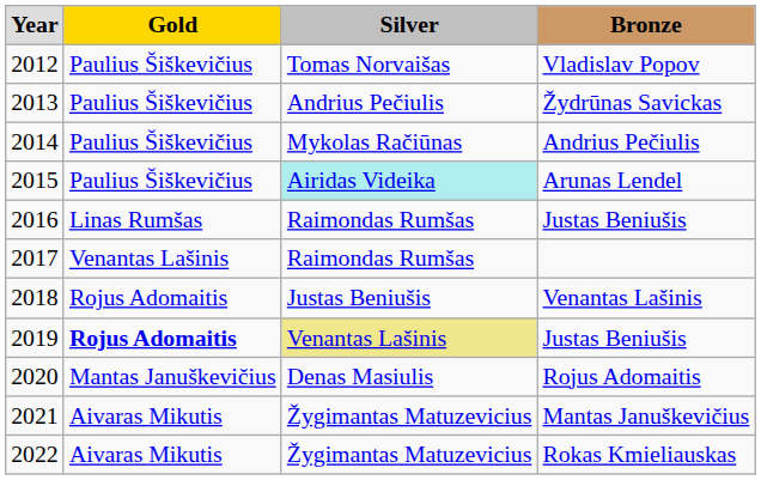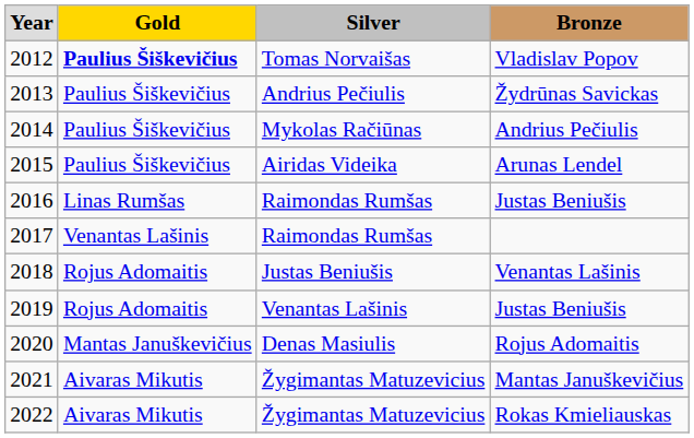 <table class="wikitable sortable alternance" style="font-size:95%">
 <tr style="text-align:center; background:#e4e4e4; font-weight:bold;">
 <td style="background:#ddd; ">Year</td>
 <td style="background:gold; ">Gold</td>
 <td style="background:silver; ">Silver</td>
 <td style="background:#c96; ">Bronze</td>
 </tr>
 <tr>
 <td>2012</td>
-<td><a href='#'>Paulius Šiškevičius</a></td>
+<td><strong><a href='#'>Paulius Šiškevičius</a></strong></td>
 <td><a href='#'>Tomas Norvaišas</a></td>
 <td><a href='#'>Vladislav Popov</a></td>
 </tr>
 <tr>
 <td>2013</td>
 <td><a href='#'>Paulius Šiškevičius</a></td>
 <td><a href='#'>Andrius Pečiulis</a></td>
 <td><a href='#'>Žydrūnas Savickas</a></td>
 </tr>
 <tr>
 <td>2014</td>
 <td><a href='#'>Paulius Šiškevičius</a></td>
 <td><a href='#'>Mykolas Račiūnas</a></td>
 <td><a href='#'>Andrius Pečiulis</a></td>
 </tr>
 <tr>
 <td>2015</td>
 <td><a href='#'>Paulius Šiškevičius</a></td>
-<td style="background: paleturquoise;"><a href='#'>Airidas Videika</a></td>
+<td><a href='#'>Airidas Videika</a></td>
 <td><a href='#'>Arunas Lendel</a></td>
 </tr>
 <tr>
 <td>2016</td>
 <td><a href='#'>Linas Rumšas</a></td>
 <td><a href='#'>Raimondas Rumšas</a></td>
 <td><a href='#'>Justas Beniušis</a></td>
 </tr>
 <tr>
 <td>2017</td>
 <td><a href='#'>Venantas Lašinis</a></td>
 <td><a href='#'>Raimondas Rumšas</a></td>
 <td></td>
 </tr>
 <tr>
 <td>2018</td>
 <td><a href='#'>Rojus Adomaitis</a></td>
 <td><a href='#'>Justas Beniušis</a></td>
 <td><a href='#'>Venantas Lašinis</a></td>
 </tr>
 <tr>
 <td>2019</td>
-<td><strong><a href='#'>Rojus Adomaitis</a></strong></td>
-<td style="background: khaki;"><a href='#'>Venantas Lašinis</a></td>
+<td><a href='#'>Rojus Adomaitis</a></td>
+<td><a href='#'>Venantas Lašinis</a></td>
 <td><a href='#'>Justas Beniušis</a></td>
 </tr>
 <tr>
 <td>2020</td>
 <td><a href='#'>Mantas Januškevičius</a></td>
 <td><a href='#'>Denas Masiulis</a></td>
 <td><a href='#'>Rojus Adomaitis</a></td>
 </tr>
 <tr>
 <td>2021</td>
 <td><a href='#'>Aivaras Mikutis</a></td>
 <td><a href='#'>Žygimantas Matuzevicius</a></td>
 <td><a href='#'>Mantas Januškevičius</a></td>
 </tr>
 <tr>
 <td>2022</td>
 <td><a href='#'>Aivaras Mikutis</a></td>
 <td><a href='#'>Žygimantas Matuzevicius</a></td>
 <td><a href='#'>Rokas Kmieliauskas</a></td>
 </tr>
 </table>
